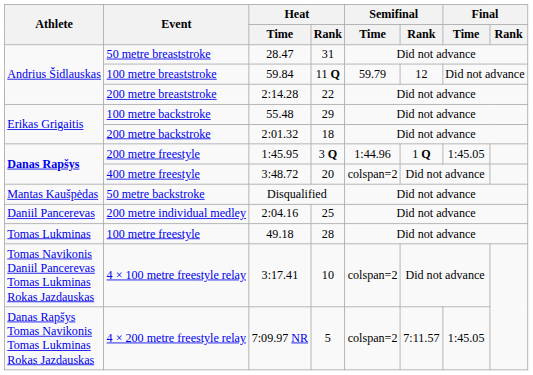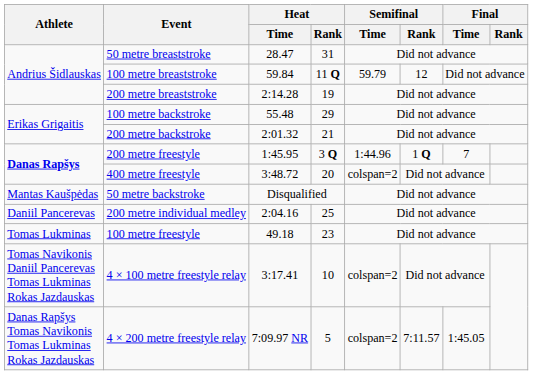 <table class="wikitable" style="font-size:90%;">
 <tr>
 <th rowspan="2">Athlete</th>
 <th rowspan="2">Event</th>
 <th colspan="2">Heat</th>
 <th colspan="2">Semifinal</th>
 <th colspan="2">Final</th>
 </tr>
 <tr>
 <th>Time</th>
 <th>Rank</th>
 <th>Time</th>
 <th>Rank</th>
 <th>Time</th>
 <th>Rank</th>
 </tr>
 <tr align=center>
 <td align=left rowspan=3><a href='#'>Andrius Šidlauskas</a></td>
 <td align=left><a href='#'>50 metre breaststroke</a></td>
 <td>28.47</td>
 <td>31</td>
 <td colspan=4>Did not advance</td>
 </tr>
 <tr align=center>
 <td align=left><a href='#'>100 metre breaststroke</a></td>
 <td>59.84</td>
 <td>11 <strong>Q</strong></td>
 <td>59.79</td>
 <td>12</td>
 <td colspan=2>Did not advance</td>
 </tr>
 <tr align=center>
 <td align=left><a href='#'>200 metre breaststroke</a></td>
 <td>2:14.28</td>
-<td>22</td>
+<td>19</td>
 <td colspan=4>Did not advance</td>
 </tr>
 <tr align=center>
 <td align=left rowspan=2><a href='#'>Erikas Grigaitis</a></td>
 <td align=left><a href='#'>100 metre backstroke</a></td>
 <td>55.48</td>
 <td>29</td>
 <td colspan=4>Did not advance</td>
 </tr>
 <tr align=center>
 <td align=left><a href='#'>200 metre backstroke</a></td>
 <td>2:01.32</td>
-<td>18</td>
+<td>21</td>
 <td colspan=4>Did not advance</td>
 </tr>
 <tr align=center>
 <td align=left rowspan=2><strong><a href='#'>Danas Rapšys</a></strong></td>
 <td align=left><a href='#'>200 metre freestyle</a></td>
 <td>1:45.95</td>
 <td>3 <strong>Q</strong></td>
 <td>1:44.96</td>
 <td>1 <strong>Q</strong></td>
-<td>1:45.05</td>
+<td>7</td>
 <td></td>
 </tr>
 <tr align=center>
 <td align=left><a href='#'>400 metre freestyle</a></td>
 <td>3:48.72</td>
 <td>20</td>
 <td>colspan=2</td>
 <td colspan=2>Did not advance</td>
 </tr>
 <tr align=center>
 <td align=left><a href='#'>Mantas Kaušpėdas</a></td>
 <td align=left><a href='#'>50 metre backstroke</a></td>
 <td colspan=2>Disqualified</td>
 <td colspan=4>Did not advance</td>
 </tr>
 <tr align=center>
 <td align=left><a href='#'>Daniil Pancerevas</a></td>
 <td align=left><a href='#'>200 metre individual medley</a></td>
 <td>2:04.16</td>
 <td>25</td>
 <td colspan=4>Did not advance</td>
 </tr>
 <tr align=center>
 <td align=left><a href='#'>Tomas Lukminas</a></td>
 <td align=left><a href='#'>100 metre freestyle</a></td>
 <td>49.18</td>
-<td>28</td>
+<td>23</td>
 <td colspan=4>Did not advance</td>
 </tr>
 <tr align=center>
 <td align=left><a href='#'>Tomas Navikonis</a><br><a href='#'>Daniil Pancerevas</a><br><a href='#'>Tomas Lukminas</a><br><a href='#'>Rokas Jazdauskas</a></td>
 <td align=left><a href='#'>4 × 100 metre freestyle relay</a></td>
 <td>3:17.41</td>
 <td>10</td>
 <td>colspan=2</td>
 <td colspan=2>Did not advance</td>
 </tr>
 <tr align=center>
 <td align=left><a href='#'>Danas Rapšys</a><br><a href='#'>Tomas Navikonis</a><br><a href='#'>Tomas Lukminas</a><br><a href='#'>Rokas Jazdauskas</a></td>
 <td align=left><a href='#'>4 × 200 metre freestyle relay</a></td>
 <td>7:09.97 <a href='#'>NR</a></td>
 <td>5</td>
 <td>colspan=2</td>
 <td>7:11.57</td>
 <td>1:45.05</td>
 </tr>
 </table>
